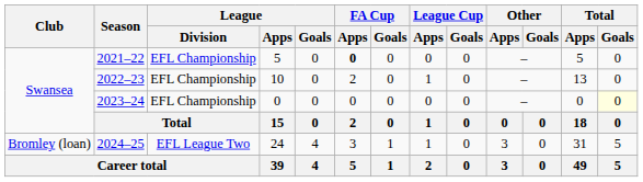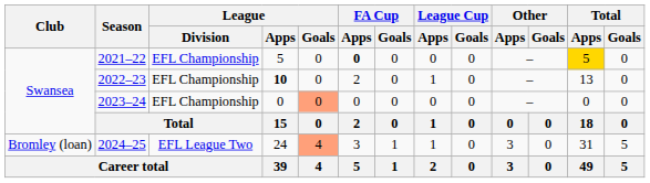 <table class="wikitable" style="text-align: center">
 <tr>
 <th rowspan="2">Club</th>
 <th rowspan="2">Season</th>
 <th colspan="3">League</th>
 <th colspan="2"><a href='#'>FA Cup</a></th>
 <th colspan="2"><a href='#'>League Cup</a></th>
 <th colspan="2">Other</th>
 <th colspan="2">Total</th>
 </tr>
 <tr>
 <th>Division</th>
 <th>Apps</th>
 <th>Goals</th>
 <th>Apps</th>
 <th>Goals</th>
 <th>Apps</th>
 <th>Goals</th>
 <th>Apps</th>
 <th>Goals</th>
 <th>Apps</th>
 <th>Goals</th>
 </tr>
 <tr>
 <td rowspan="4"><a href='#'>Swansea</a></td>
 <td><a href='#'>2021–22</a></td>
 <td><a href='#'>EFL Championship</a></td>
 <td>5</td>
 <td>0</td>
 <td><strong>0</strong></td>
 <td>0</td>
 <td>0</td>
 <td>0</td>
 <td colspan="2">–</td>
-<td>5</td>
+<td style="background: gold;">5</td>
 <td>0</td>
 </tr>
 <tr>
 <td><a href='#'>2022–23</a></td>
 <td>EFL Championship</td>
-<td>10</td>
+<td><strong>10</strong></td>
 <td>0</td>
 <td>2</td>
 <td>0</td>
 <td>1</td>
 <td>0</td>
 <td colspan="2">–</td>
 <td>13</td>
 <td>0</td>
 </tr>
 <tr>
 <td><a href='#'>2023–24</a></td>
 <td>EFL Championship</td>
 <td>0</td>
-<td>0</td>
+<td style="background: lightsalmon;">0</td>
 <td>0</td>
 <td>0</td>
 <td>0</td>
 <td>0</td>
 <td colspan="2">–</td>
 <td>0</td>
-<td style="background: lightyellow;">0</td>
+<td>0</td>
 </tr>
 <tr>
 <th colspan="2">Total</th>
 <th>15</th>
 <th>0</th>
 <th>2</th>
 <th>0</th>
 <th>1</th>
 <th>0</th>
 <th>0</th>
 <th>0</th>
 <th>18</th>
 <th>0</th>
 </tr>
 <tr>
 <td><a href='#'>Bromley</a> (loan)</td>
 <td><a href='#'>2024–25</a></td>
 <td><a href='#'>EFL League Two</a></td>
 <td>24</td>
-<td>4</td>
+<td style="background: lightsalmon;">4</td>
 <td>3</td>
 <td>1</td>
 <td>1</td>
 <td>0</td>
 <td>3</td>
 <td>0</td>
 <td>31</td>
 <td>5</td>
 </tr>
 <tr>
 <th colspan="3">Career total</th>
 <th>39</th>
 <th>4</th>
 <th>5</th>
 <th>1</th>
 <th>2</th>
 <th>0</th>
 <th>3</th>
 <th>0</th>
 <th>49</th>
 <th>5</th>
 </tr>
 </table>
